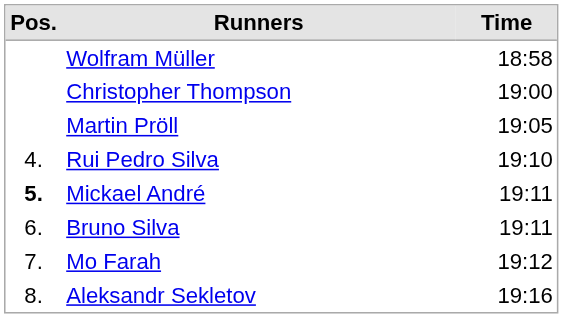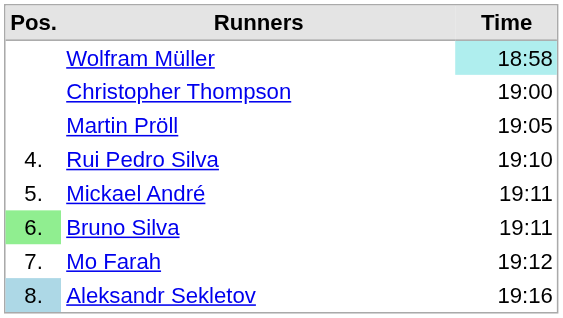 <table cellspacing="0" cellpadding="3" style="border:1px solid #AAAAAA;font-size:90%">
 <tr bgcolor="#E4E4E4">
 <th style="border-bottom:1px solid #AAAAAA" width=10>Pos.</th>
 <th style="border-bottom:1px solid #AAAAAA" width=250>Runners</th>
 <th style="border-bottom:1px solid #AAAAAA" width=60>Time</th>
 </tr>
 <tr align="center">
 <td align="center"></td>
 <td align="left"> <a href='#'>Wolfram Müller</a></td>
-<td align="right">18:58</td>
+<td align="right" style="background: paleturquoise;">18:58</td>
 </tr>
 <tr align="center">
 <td align="center"></td>
 <td align="left"> <a href='#'>Christopher Thompson</a></td>
 <td align="right">19:00</td>
 </tr>
 <tr align="center">
 <td align="center"></td>
 <td align="left"> <a href='#'>Martin Pröll</a></td>
 <td align="right">19:05</td>
 </tr>
 <tr align="center">
 <td align="center">4.</td>
 <td align="left"> <a href='#'>Rui Pedro Silva</a></td>
 <td align="right">19:10</td>
 </tr>
 <tr align="center">
-<td align="center"><strong>5.</strong></td>
+<td align="center">5.</td>
 <td align="left"> <a href='#'>Mickael André</a></td>
 <td align="right">19:11</td>
 </tr>
 <tr align="center">
-<td align="center">6.</td>
+<td align="center" style="background: lightgreen;">6.</td>
 <td align="left"> <a href='#'>Bruno Silva</a></td>
 <td align="right">19:11</td>
 </tr>
 <tr align="center">
 <td align="center">7.</td>
 <td align="left"> <a href='#'>Mo Farah</a></td>
 <td align="right">19:12</td>
 </tr>
 <tr align="center">
-<td align="center">8.</td>
+<td align="center" style="background: lightblue;">8.</td>
 <td align="left"> <a href='#'>Aleksandr Sekletov</a></td>
 <td align="right">19:16</td>
 </tr>
 <tr align="center">
 </tr>
 </table>
